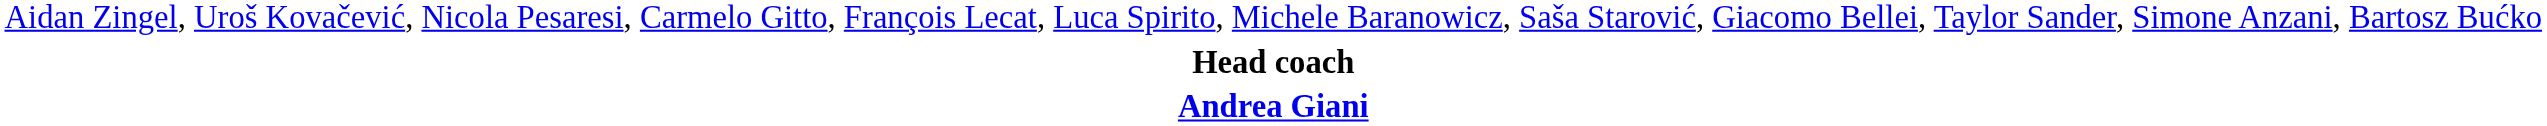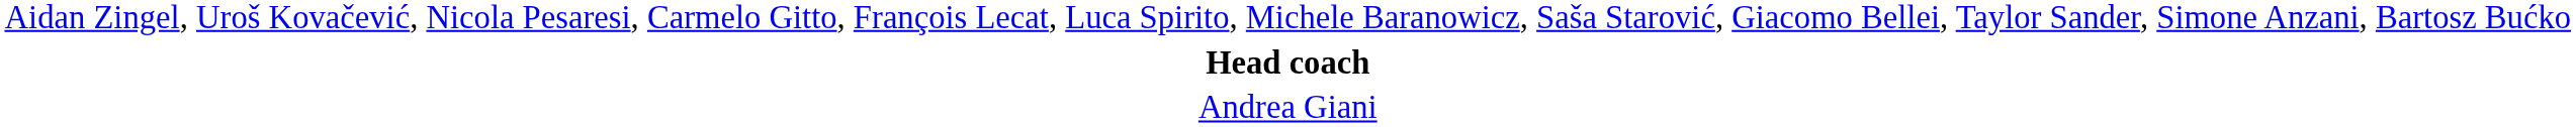 <table style="text-align: center; margin-top: 2em; margin-left: auto; margin-right: auto">
 <tr>
 <td><a href='#'>Aidan Zingel</a>, <a href='#'>Uroš Kovačević</a>, <a href='#'>Nicola Pesaresi</a>, <a href='#'>Carmelo Gitto</a>, <a href='#'>François Lecat</a>, <a href='#'>Luca Spirito</a>, <a href='#'>Michele Baranowicz</a>, <a href='#'>Saša Starović</a>, <a href='#'>Giacomo Bellei</a>, <a href='#'>Taylor Sander</a>, <a href='#'>Simone Anzani</a>, <a href='#'>Bartosz Bućko</a></td>
 </tr>
 <tr>
 <td><strong>Head coach</strong></td>
 </tr>
 <tr>
-<td><strong><a href='#'>Andrea Giani</a></strong></td>
+<td><a href='#'>Andrea Giani</a></td>
 </tr>
 </table>
